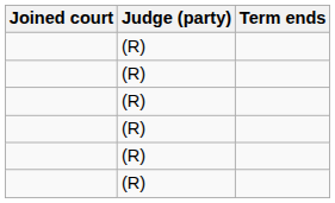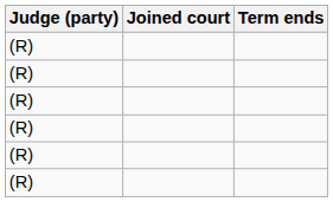 <table class="wikitable" style="border-collapse:collapse;" style="text-align: center">
 <tr bgcolor=#dedede>
+<th>Judge (party)</th>
 <th>Joined court</th>
-<th>Judge (party)</th>
 <th>Term ends</th>
 </tr>
 <tr>
+<td> (R)</td>
 <td></td>
-<td> (R)</td>
 <td></td>
 </tr>
 <tr>
+<td> (R)</td>
 <td></td>
-<td> (R)</td>
 <td></td>
 </tr>
 <tr>
+<td> (R)</td>
 <td></td>
-<td> (R)</td>
 <td></td>
 </tr>
 <tr>
+<td> (R)</td>
 <td></td>
-<td> (R)</td>
 <td></td>
 </tr>
 <tr>
+<td> (R)</td>
 <td></td>
-<td> (R)</td>
 <td></td>
 </tr>
 <tr>
+<td> (R)</td>
 <td></td>
-<td> (R)</td>
 <td></td>
 </tr>
 </table>
